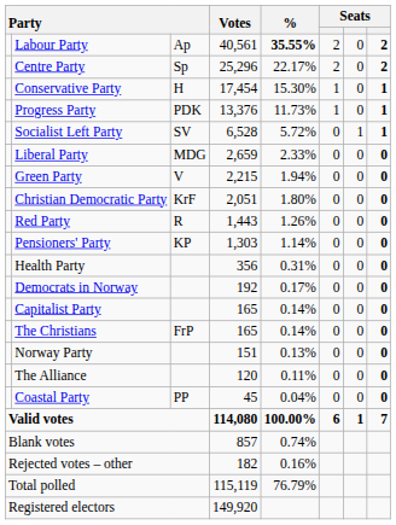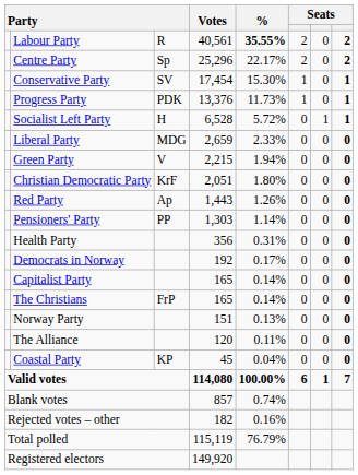 <table class="wikitable" border="1" style="text-align:right;">
 <tr>
 <th style="text-align:left;" valign=bottom rowspan=2 colspan=3>Party</th>
 <th align=center valign=bottom rowspan=2 width="50">Votes</th>
 <th align=center valign=bottom rowspan=2 width="50">%</th>
 <th colspan=3>Seats</th>
 </tr>
 <tr>
 <th align=center valign=bottom width="20"><small></small></th>
 <th align=center valign=bottom width="20"><small><a href='#'></a></small></th>
 <th align=center valign=bottom width="20"><small></small></th>
 </tr>
 <tr>
 <td style="color:inherit;background:"></td>
 <td align=left><a href='#'>Labour Party</a></td>
-<td align=left>Ap</td>
+<td align=left>R</td>
 <td>40,561</td>
 <td><strong>35.55%</strong></td>
 <td>2</td>
 <td>0</td>
 <td><strong>2</strong></td>
 </tr>
 <tr>
 <td style="color:inherit;background:"></td>
 <td align=left><a href='#'>Centre Party</a></td>
 <td align=left>Sp</td>
 <td>25,296</td>
 <td>22.17%</td>
 <td>2</td>
 <td>0</td>
 <td><strong>2</strong></td>
 </tr>
 <tr>
 <td style="color:inherit;background:"></td>
 <td align=left><a href='#'>Conservative Party</a></td>
-<td align=left>H</td>
+<td align=left>SV</td>
 <td>17,454</td>
 <td>15.30%</td>
 <td>1</td>
 <td>0</td>
 <td><strong>1</strong></td>
 </tr>
 <tr>
 <td style="color:inherit;background:"></td>
 <td align=left><a href='#'>Progress Party</a></td>
 <td align=left>PDK</td>
 <td>13,376</td>
 <td>11.73%</td>
 <td>1</td>
 <td>0</td>
 <td><strong>1</strong></td>
 </tr>
 <tr>
 <td style="color:inherit;background:"></td>
 <td align=left><a href='#'>Socialist Left Party</a></td>
-<td align=left>SV</td>
+<td align=left>H</td>
 <td>6,528</td>
 <td>5.72%</td>
 <td>0</td>
 <td>1</td>
 <td><strong>1</strong></td>
 </tr>
 <tr>
 <td style="color:inherit;background:"></td>
 <td align=left><a href='#'>Liberal Party</a></td>
 <td align=left>MDG</td>
 <td>2,659</td>
 <td>2.33%</td>
 <td>0</td>
 <td>0</td>
 <td><strong>0</strong></td>
 </tr>
 <tr>
 <td style="color:inherit;background:"></td>
 <td align=left><a href='#'>Green Party</a></td>
 <td align=left>V</td>
 <td>2,215</td>
 <td>1.94%</td>
 <td>0</td>
 <td>0</td>
 <td><strong>0</strong></td>
 </tr>
 <tr>
 <td style="color:inherit;background:"></td>
 <td align=left><a href='#'>Christian Democratic Party</a></td>
 <td align=left>KrF</td>
 <td>2,051</td>
 <td>1.80%</td>
 <td>0</td>
 <td>0</td>
 <td><strong>0</strong></td>
 </tr>
 <tr>
 <td style="color:inherit;background:"></td>
 <td align=left><a href='#'>Red Party</a></td>
-<td align=left>R</td>
+<td align=left>Ap</td>
 <td>1,443</td>
 <td>1.26%</td>
 <td>0</td>
 <td>0</td>
 <td><strong>0</strong></td>
 </tr>
 <tr>
 <td style="color:inherit;background:"></td>
 <td align=left><a href='#'>Pensioners' Party</a></td>
-<td align=left>KP</td>
+<td align=left>PP</td>
 <td>1,303</td>
 <td>1.14%</td>
 <td>0</td>
 <td>0</td>
 <td><strong>0</strong></td>
 </tr>
 <tr>
 <td></td>
 <td align=left>Health Party</td>
 <td align=left></td>
 <td>356</td>
 <td>0.31%</td>
 <td>0</td>
 <td>0</td>
 <td><strong>0</strong></td>
 </tr>
 <tr>
 <td style="color:inherit;background:"></td>
 <td align=left><a href='#'>Democrats in Norway</a></td>
 <td align=left></td>
 <td>192</td>
 <td>0.17%</td>
 <td>0</td>
 <td>0</td>
 <td><strong>0</strong></td>
 </tr>
 <tr>
 <td style="color:inherit;background:"></td>
 <td align=left><a href='#'>Capitalist Party</a></td>
 <td align=left></td>
 <td>165</td>
 <td>0.14%</td>
 <td>0</td>
 <td>0</td>
 <td><strong>0</strong></td>
 </tr>
 <tr>
 <td style="color:inherit;background:"></td>
 <td align=left><a href='#'>The Christians</a></td>
 <td align=left>FrP</td>
 <td>165</td>
 <td>0.14%</td>
 <td>0</td>
 <td>0</td>
 <td><strong>0</strong></td>
 </tr>
 <tr>
 <td></td>
 <td align=left>Norway Party</td>
 <td align=left></td>
 <td>151</td>
 <td>0.13%</td>
 <td>0</td>
 <td>0</td>
 <td><strong>0</strong></td>
 </tr>
 <tr>
 <td></td>
 <td align=left>The Alliance</td>
 <td align=left></td>
 <td>120</td>
 <td>0.11%</td>
 <td>0</td>
 <td>0</td>
 <td><strong>0</strong></td>
 </tr>
 <tr>
 <td style="color:inherit;background:"></td>
 <td align=left><a href='#'>Coastal Party</a></td>
-<td align=left>PP</td>
+<td align=left>KP</td>
 <td>45</td>
 <td>0.04%</td>
 <td>0</td>
 <td>0</td>
 <td><strong>0</strong></td>
 </tr>
 <tr style="font-weight:bold">
 <td align=left colspan=3>Valid votes</td>
 <td>114,080</td>
 <td>100.00%</td>
 <td>6</td>
 <td>1</td>
 <td>7</td>
 </tr>
 <tr>
 <td align=left colspan=3>Blank votes</td>
 <td>857</td>
 <td>0.74%</td>
 <td></td>
 <td></td>
 <td></td>
 </tr>
 <tr>
 <td align=left colspan=3>Rejected votes – other</td>
 <td>182</td>
 <td>0.16%</td>
 <td></td>
 <td></td>
 <td></td>
 </tr>
 <tr>
 <td align=left colspan=3>Total polled</td>
 <td>115,119</td>
 <td>76.79%</td>
 <td></td>
 <td></td>
 <td></td>
 </tr>
 <tr>
 <td align=left colspan=3>Registered electors</td>
 <td>149,920</td>
 <td></td>
 <td></td>
 <td></td>
 <td></td>
 </tr>
 </table>
